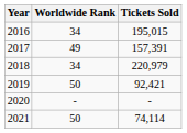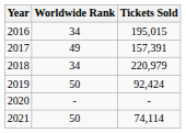 <table class="wikitable style="text-align: center">
 <tr>
 <th>Year</th>
 <th>Worldwide Rank</th>
 <th>Tickets Sold</th>
 </tr>
 <tr style="text-align: center;">
 <td>2016</td>
 <td>34</td>
 <td>195,015</td>
 </tr>
 <tr style="text-align: center;">
 <td>2017</td>
 <td>49</td>
 <td>157,391</td>
 </tr>
 <tr style="text-align: center;">
 <td>2018</td>
 <td>34</td>
 <td>220,979</td>
 </tr>
 <tr style="text-align: center;">
 <td>2019</td>
 <td>50</td>
-<td>92,421</td>
+<td>92,424</td>
 </tr>
 <tr style="text-align: center;">
 <td>2020</td>
 <td>-</td>
 <td>-</td>
 </tr>
 <tr style="text-align: center;">
 <td>2021</td>
 <td>50</td>
 <td>74,114</td>
 </tr>
 </table>
